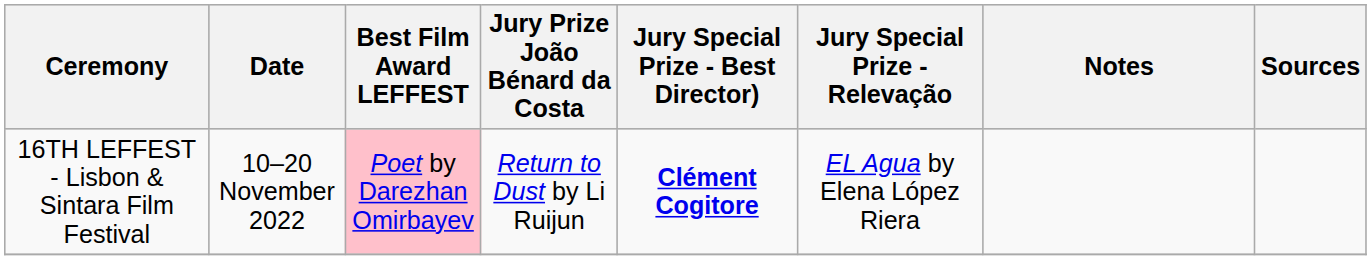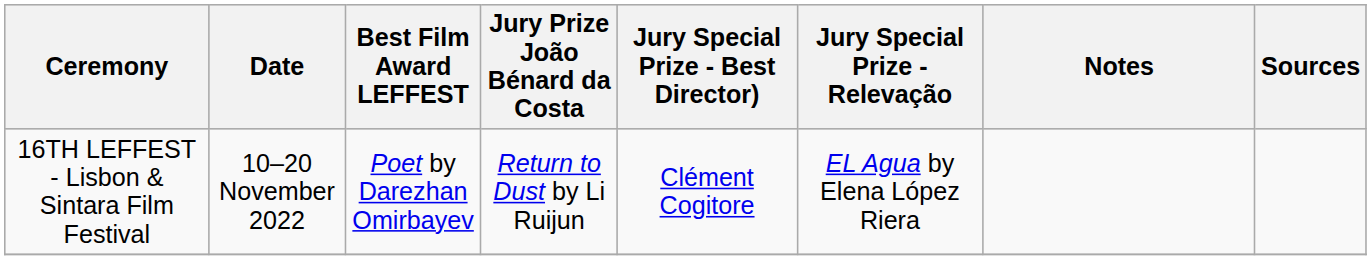 <table class="sortable wikitable" style="text-align: center">
 <tr>
 <th width= "15%">Ceremony</th>
 <th width= "10%">Date</th>
 <th width= "10%">Best Film Award LEFFEST</th>
 <th width= "10%">Jury Prize João Bénard da Costa</th>
 <th>Jury Special Prize - Best Director)</th>
 <th>Jury Special Prize - Relevação</th>
 <th width= "20%">Notes</th>
 <th width= "5%">Sources</th>
 </tr>
 <tr>
 <td>16TH LEFFEST - Lisbon & Sintara Film Festival</td>
 <td>10–20 November 2022</td>
-<td style="background: pink;"><em><a href='#'>Poet</a></em> by <a href='#'>Darezhan Omirbayev</a></td>
+<td><em><a href='#'>Poet</a></em> by <a href='#'>Darezhan Omirbayev</a></td>
 <td><em><a href='#'>Return to Dust</a></em> by Li Ruijun</td>
-<td><strong><a href='#'>Clément Cogitore</a></strong></td>
+<td><a href='#'>Clément Cogitore</a></td>
 <td><em><a href='#'>EL Agua</a></em> by Elena López Riera</td>
 <td></td>
 <td style="text-align:center"></td>
 </tr>
 <tr>
 </tr>
 </table>
